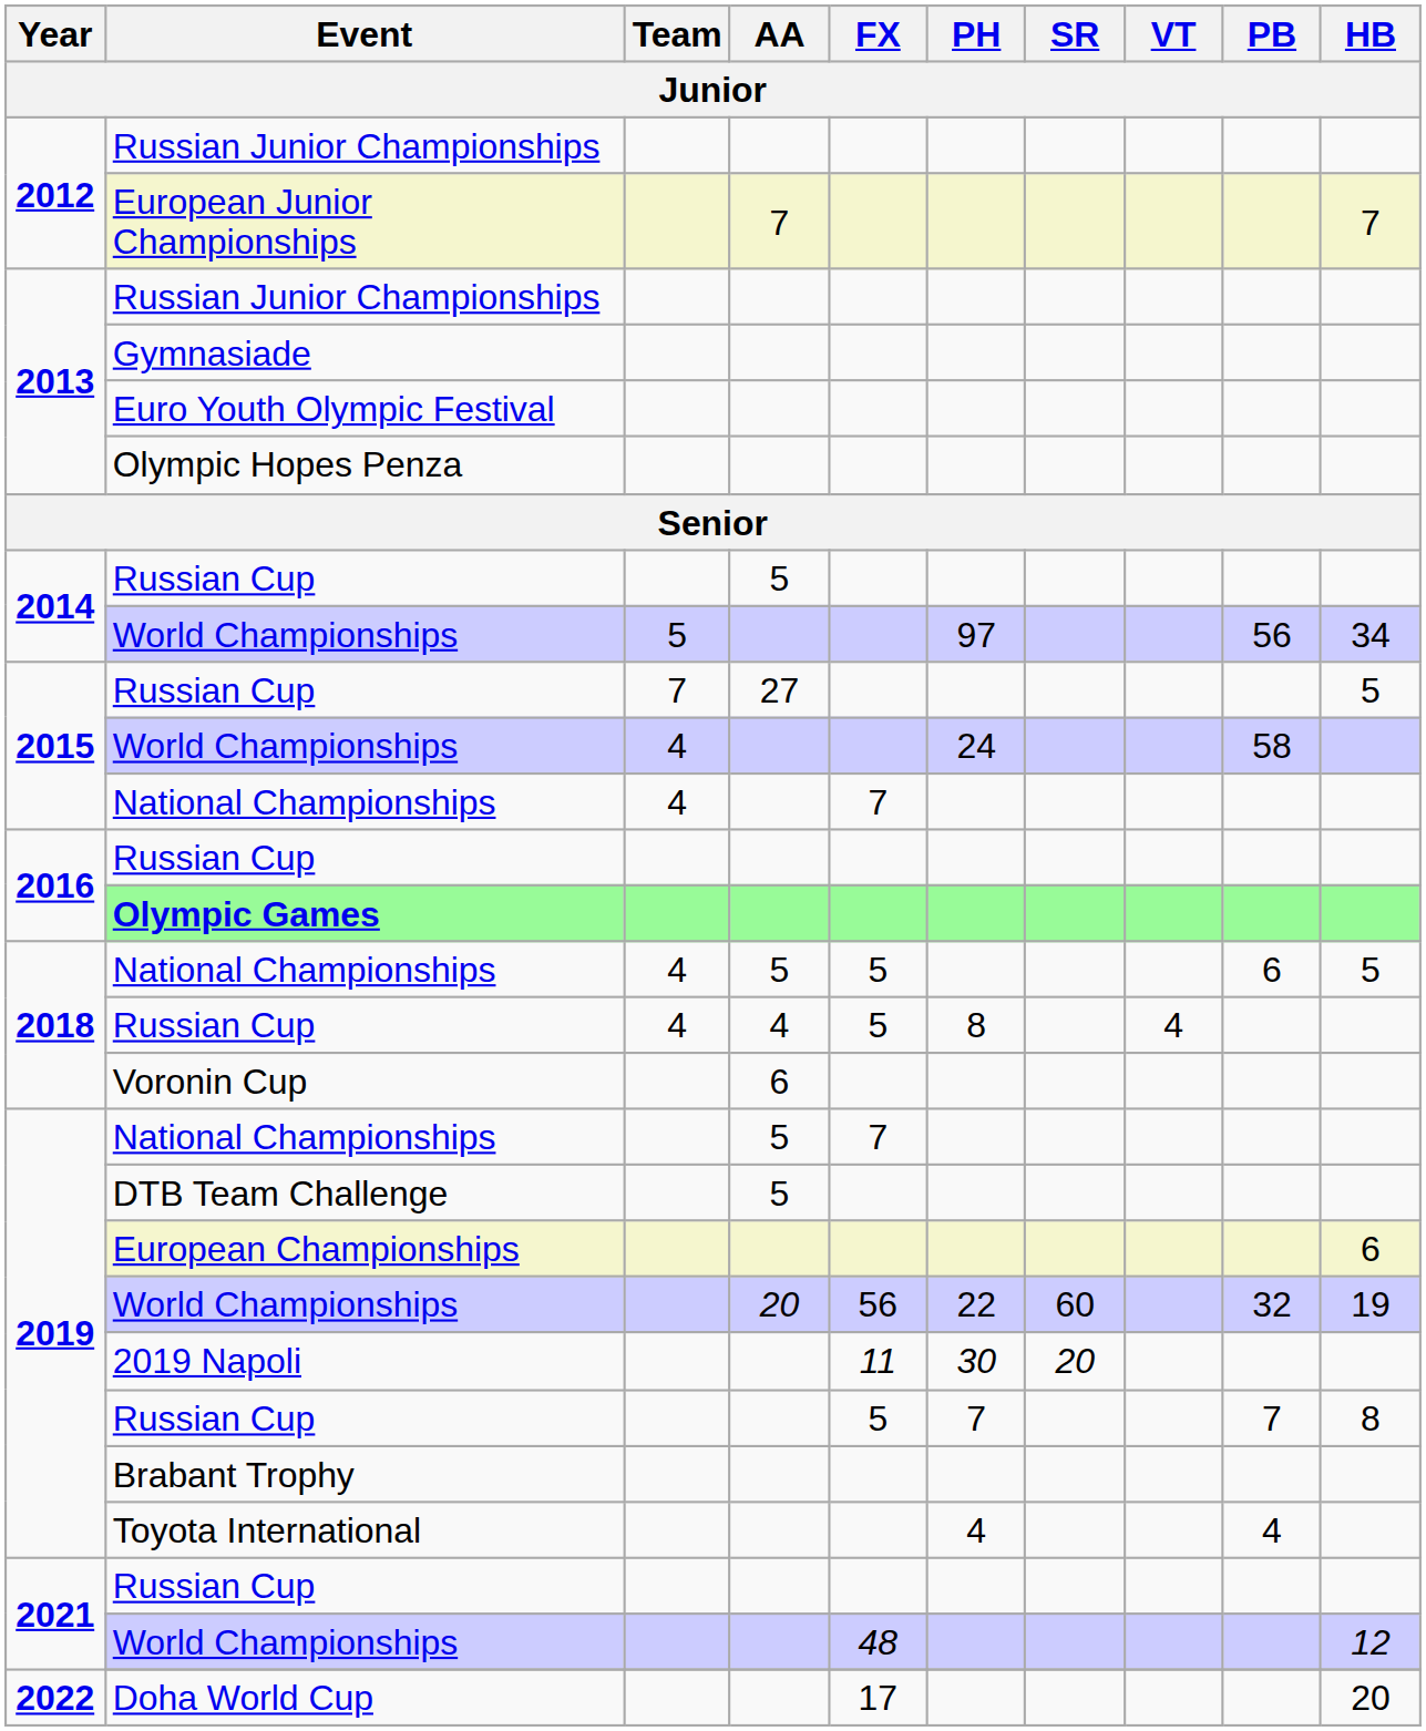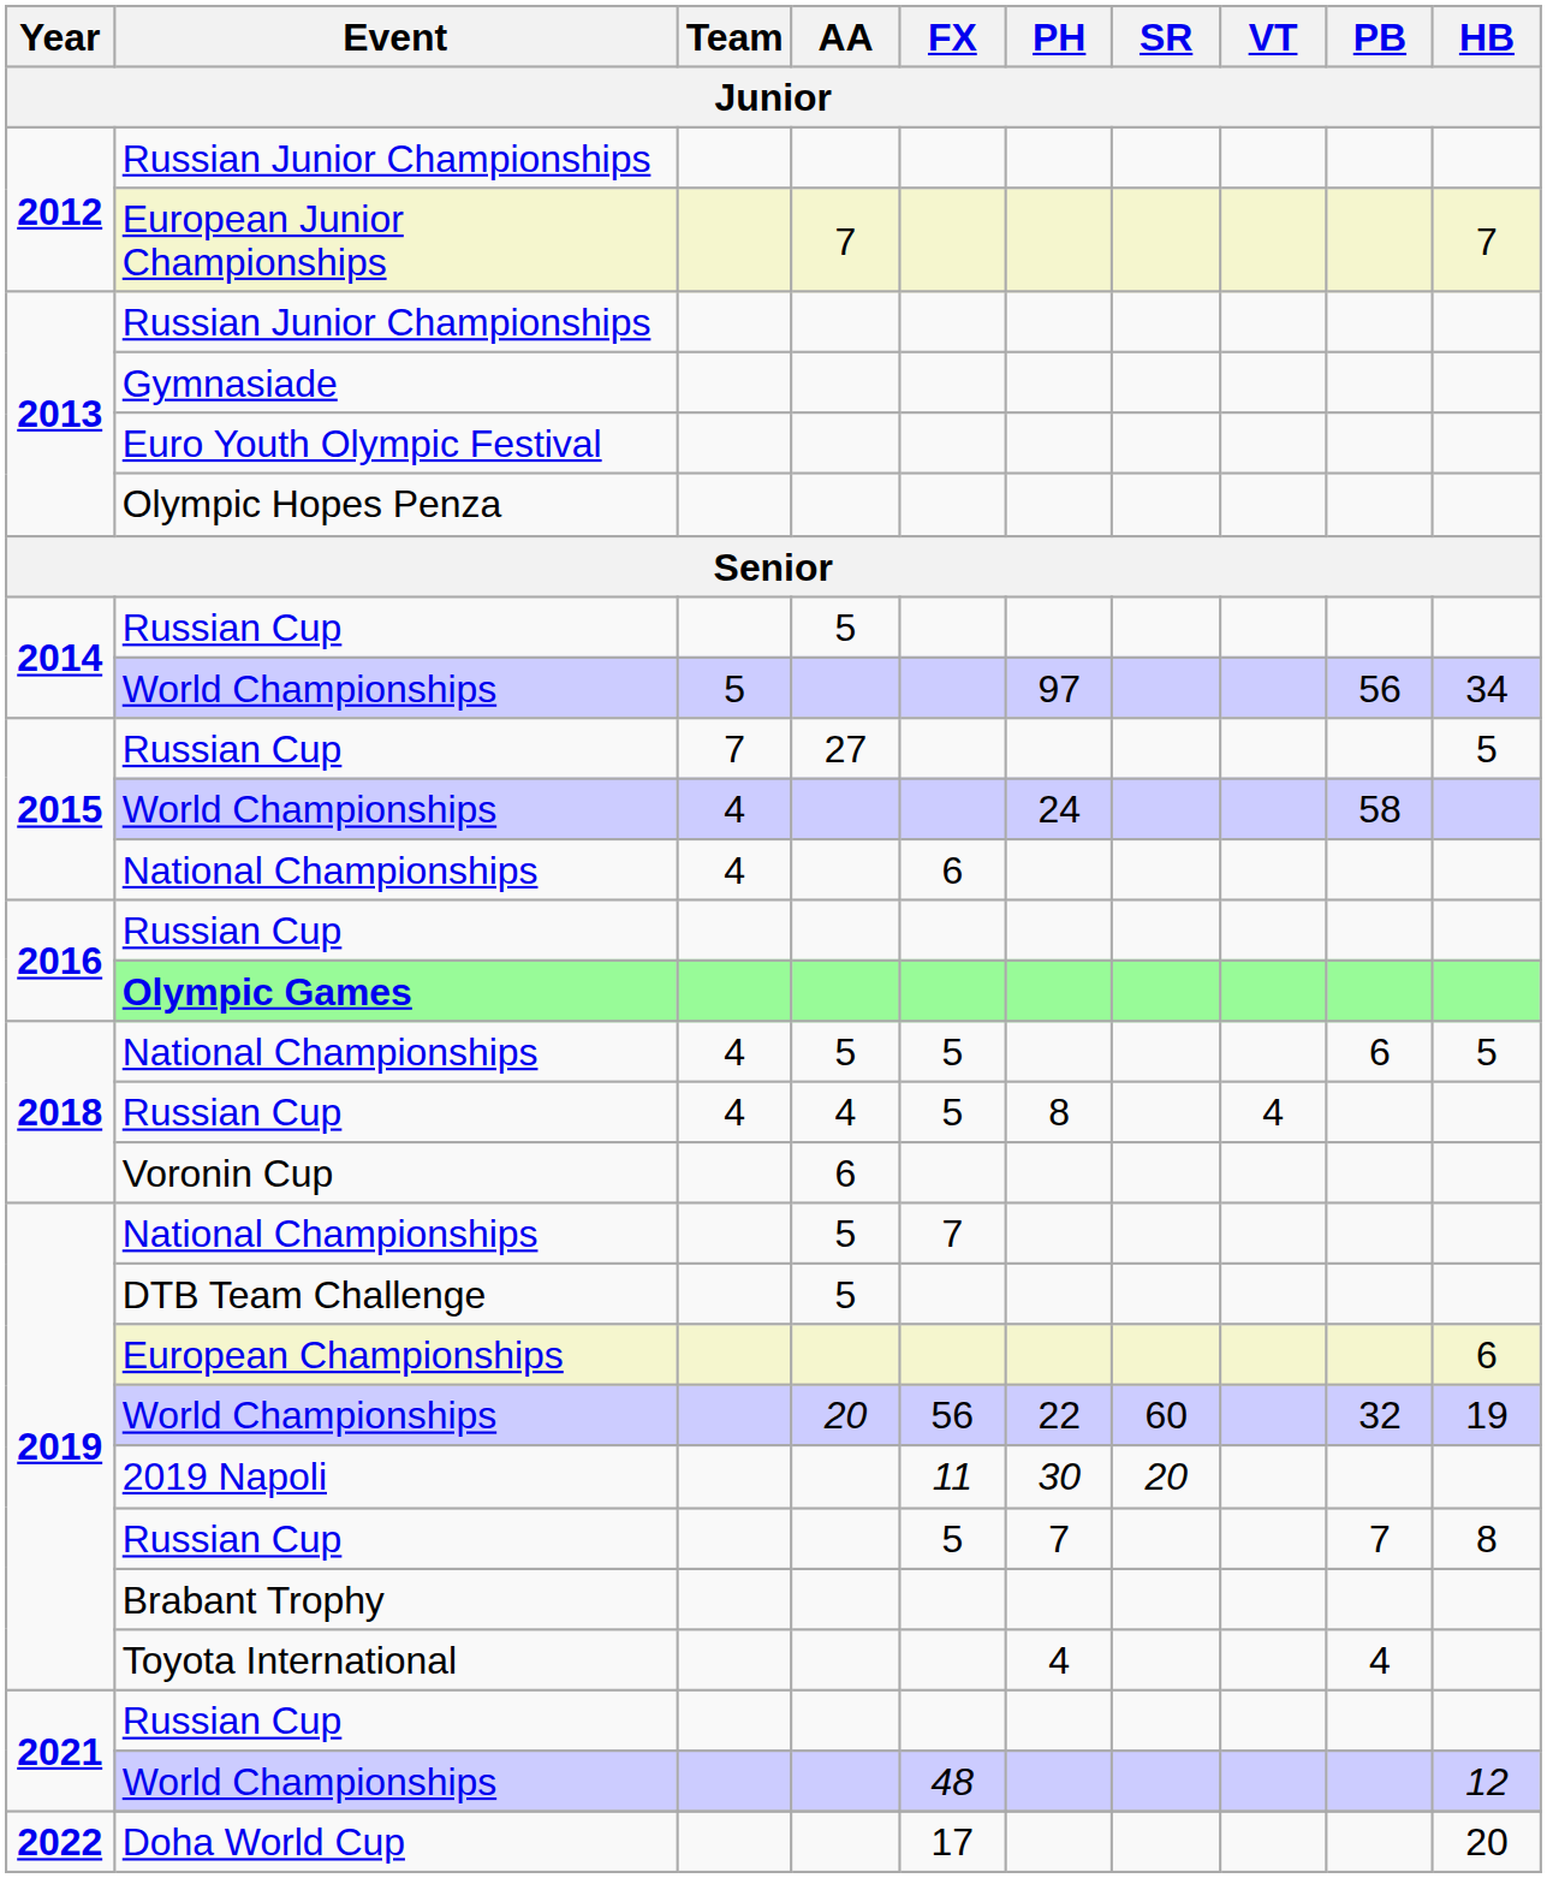 <table class="wikitable sortable" style="text-align:center; font-size:95%;">
 <tr>
 <th width=7% class=unsortable>Year</th>
 <th width=37% class=unsortable>Event</th>
 <th width=7% class=unsortable>Team</th>
 <th width=7% class=unsortable>AA</th>
 <th width=7% class=unsortable><a href='#'>FX</a></th>
 <th width=7% class=unsortable><a href='#'>PH</a></th>
 <th width=7% class=unsortable><a href='#'>SR</a></th>
 <th width=7% class=unsortable><a href='#'>VT</a></th>
 <th width=7% class=unsortable><a href='#'>PB</a></th>
 <th width=7% class=unsortable><a href='#'>HB</a></th>
 </tr>
 <tr>
 <th colspan="10"><strong>Junior</strong></th>
 </tr>
 <tr>
 <td rowspan="2”"><strong><a href='#'>2012</a></strong></td>
 <td align=left><a href='#'>Russian Junior Championships</a></td>
 <td></td>
 <td></td>
 <td></td>
 <td></td>
 <td></td>
 <td></td>
 <td></td>
 <td></td>
 </tr>
 <tr bgcolor=#F5F6CE>
 <td align=left><a href='#'>European Junior Championships</a></td>
 <td></td>
 <td>7</td>
 <td></td>
 <td></td>
 <td></td>
 <td></td>
 <td></td>
 <td>7</td>
 </tr>
 <tr>
 <td rowspan="4"><strong><a href='#'>2013</a></strong></td>
 <td align=left><a href='#'>Russian Junior Championships</a></td>
 <td></td>
 <td></td>
 <td></td>
 <td></td>
 <td></td>
 <td></td>
 <td></td>
 <td></td>
 </tr>
 <tr>
 <td align=left><a href='#'>Gymnasiade</a></td>
 <td></td>
 <td></td>
 <td></td>
 <td></td>
 <td></td>
 <td></td>
 <td></td>
 <td></td>
 </tr>
 <tr>
 <td align=left><a href='#'>Euro Youth Olympic Festival</a></td>
 <td></td>
 <td></td>
 <td></td>
 <td></td>
 <td></td>
 <td></td>
 <td></td>
 <td></td>
 </tr>
 <tr>
 <td align=left>Olympic Hopes Penza</td>
 <td></td>
 <td></td>
 <td></td>
 <td></td>
 <td></td>
 <td></td>
 <td></td>
 <td></td>
 </tr>
 <tr>
 <th colspan="10"><strong>Senior</strong></th>
 </tr>
 <tr>
 <td rowspan="2"><strong><a href='#'>2014</a></strong></td>
 <td align=left><a href='#'>Russian Cup</a></td>
 <td></td>
 <td>5</td>
 <td></td>
 <td></td>
 <td></td>
 <td></td>
 <td></td>
 <td></td>
 </tr>
 <tr bgcolor=#CCCCFF>
 <td align=left><a href='#'>World Championships</a></td>
 <td>5</td>
 <td></td>
 <td></td>
 <td>97</td>
 <td></td>
 <td></td>
 <td>56</td>
 <td>34</td>
 </tr>
 <tr>
 <td rowspan="3"><strong><a href='#'>2015</a></strong></td>
 <td align=left><a href='#'>Russian Cup</a></td>
 <td>7</td>
 <td>27</td>
 <td></td>
 <td></td>
 <td></td>
 <td></td>
 <td></td>
 <td>5</td>
 </tr>
 <tr bgcolor=#CCCCFF>
 <td align=left><a href='#'>World Championships</a></td>
 <td>4</td>
 <td></td>
 <td></td>
 <td>24</td>
 <td></td>
 <td></td>
 <td>58</td>
 <td></td>
 </tr>
 <tr>
 <td align=left><a href='#'>National Championships</a></td>
 <td>4</td>
 <td></td>
-<td>7</td>
+<td>6</td>
 <td></td>
 <td></td>
 <td></td>
 <td></td>
 <td></td>
 </tr>
 <tr>
 <td rowspan="2"><strong><a href='#'>2016</a></strong></td>
 <td align=left><a href='#'>Russian Cup</a></td>
 <td></td>
 <td></td>
 <td></td>
 <td></td>
 <td></td>
 <td></td>
 <td></td>
 <td></td>
 </tr>
 <tr bgcolor=98FB98>
 <td align=left><strong><a href='#'>Olympic Games</a></strong></td>
 <td></td>
 <td></td>
 <td></td>
 <td></td>
 <td></td>
 <td></td>
 <td></td>
 <td></td>
 </tr>
 <tr>
 <td rowspan="3"><strong><a href='#'>2018</a></strong></td>
 <td align=left><a href='#'>National Championships</a></td>
 <td>4</td>
 <td>5</td>
 <td>5</td>
 <td></td>
 <td></td>
 <td></td>
 <td>6</td>
 <td>5</td>
 </tr>
 <tr>
 <td align=left><a href='#'>Russian Cup</a></td>
 <td>4</td>
 <td>4</td>
 <td>5</td>
 <td>8</td>
 <td></td>
 <td>4</td>
 <td></td>
 <td></td>
 </tr>
 <tr>
 <td align=left>Voronin Cup</td>
 <td></td>
 <td>6</td>
 <td></td>
 <td></td>
 <td></td>
 <td></td>
 <td></td>
 <td></td>
 </tr>
 <tr>
 <td rowspan="8"><strong><a href='#'>2019</a></strong></td>
 <td align=left><a href='#'>National Championships</a></td>
 <td></td>
 <td>5</td>
 <td>7</td>
 <td></td>
 <td></td>
 <td></td>
 <td></td>
 <td></td>
 </tr>
 <tr>
 <td align=left>DTB Team Challenge</td>
 <td></td>
 <td>5</td>
 <td></td>
 <td></td>
 <td></td>
 <td></td>
 <td></td>
 <td></td>
 </tr>
 <tr bgcolor=#F5F6CE>
 <td align=left><a href='#'>European Championships</a></td>
 <td></td>
 <td></td>
 <td></td>
 <td></td>
 <td></td>
 <td></td>
 <td></td>
 <td>6</td>
 </tr>
 <tr bgcolor=#CCCCFF>
 <td align=left><a href='#'>World Championships</a></td>
 <td></td>
 <td><em>20</em></td>
 <td>56</td>
 <td>22</td>
 <td>60</td>
 <td></td>
 <td>32</td>
 <td>19</td>
 </tr>
 <tr>
 <td align=left><a href='#'>2019 Napoli</a></td>
 <td></td>
 <td></td>
 <td><em>11</em></td>
 <td><em>30</em></td>
 <td><em>20</em></td>
 <td></td>
 <td></td>
 <td></td>
 </tr>
 <tr>
 <td align=left><a href='#'>Russian Cup</a></td>
 <td></td>
 <td></td>
 <td>5</td>
 <td>7</td>
 <td></td>
 <td></td>
 <td>7</td>
 <td>8</td>
 </tr>
 <tr>
 <td align=left>Brabant Trophy</td>
 <td></td>
 <td></td>
 <td></td>
 <td></td>
 <td></td>
 <td></td>
 <td></td>
 <td></td>
 </tr>
 <tr>
 <td align=left>Toyota International</td>
 <td></td>
 <td></td>
 <td></td>
 <td>4</td>
 <td></td>
 <td></td>
 <td>4</td>
 <td></td>
 </tr>
 <tr>
 <td rowspan="2"><strong><a href='#'>2021</a></strong></td>
 <td align=left><a href='#'>Russian Cup</a></td>
 <td></td>
 <td></td>
 <td></td>
 <td></td>
 <td></td>
 <td></td>
 <td></td>
 <td></td>
 </tr>
 <tr bgcolor=#CCCCFF>
 <td align=left><a href='#'>World Championships</a></td>
 <td></td>
 <td></td>
 <td><em>48</em></td>
 <td></td>
 <td></td>
 <td></td>
 <td></td>
 <td><em>12</em></td>
 </tr>
 <tr>
 <td rowspan="4"><strong><a href='#'>2022</a></strong></td>
 </tr>
 <tr>
 <td align=left><a href='#'>Doha World Cup</a></td>
 <td></td>
 <td></td>
 <td>17</td>
 <td></td>
 <td></td>
 <td></td>
 <td></td>
 <td>20</td>
 </tr>
 </table>
